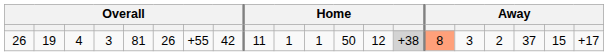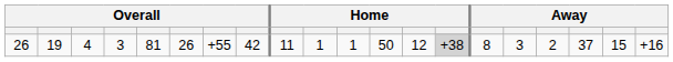 <table class="wikitable" style="text-align: center; font-size:98%;">
 <tr>
 <th colspan=8 style="border-right:3px solid grey;">Overall</th>
 <th colspan=6 style="border-right:3px solid grey;">Home</th>
 <th colspan=6>Away</th>
 </tr>
 <tr>
 <th width=30></th>
 <th width=30></th>
 <th width=30></th>
 <th width=30></th>
 <th width=30></th>
 <th width=30></th>
 <th width=30></th>
 <th width=30 style="border-right:3px solid grey;"></th>
 <th width=30></th>
 <th width=30></th>
 <th width=30></th>
 <th width=30></th>
 <th width=30></th>
 <th width=30 style="border-right:3px solid grey;"></th>
 <th width=30></th>
 <th width=30></th>
 <th width=30></th>
 <th width=30></th>
 <th width=30></th>
 <th width=30></th>
 </tr>
 <tr>
 <td>26</td>
 <td>19</td>
 <td>4</td>
 <td>3</td>
 <td>81</td>
 <td>26</td>
 <td>+55</td>
 <td width=30 style="border-right:3px solid grey;">42</td>
 <td>11</td>
 <td>1</td>
 <td>1</td>
 <td>50</td>
 <td>12</td>
 <td width=30 style="background: lightgrey; border-right:3px solid grey;">+38</td>
-<td style="background: lightsalmon;">8</td>
+<td>8</td>
 <td>3</td>
 <td>2</td>
 <td>37</td>
 <td>15</td>
-<td>+17</td>
+<td>+16</td>
 </tr>
 </table>
